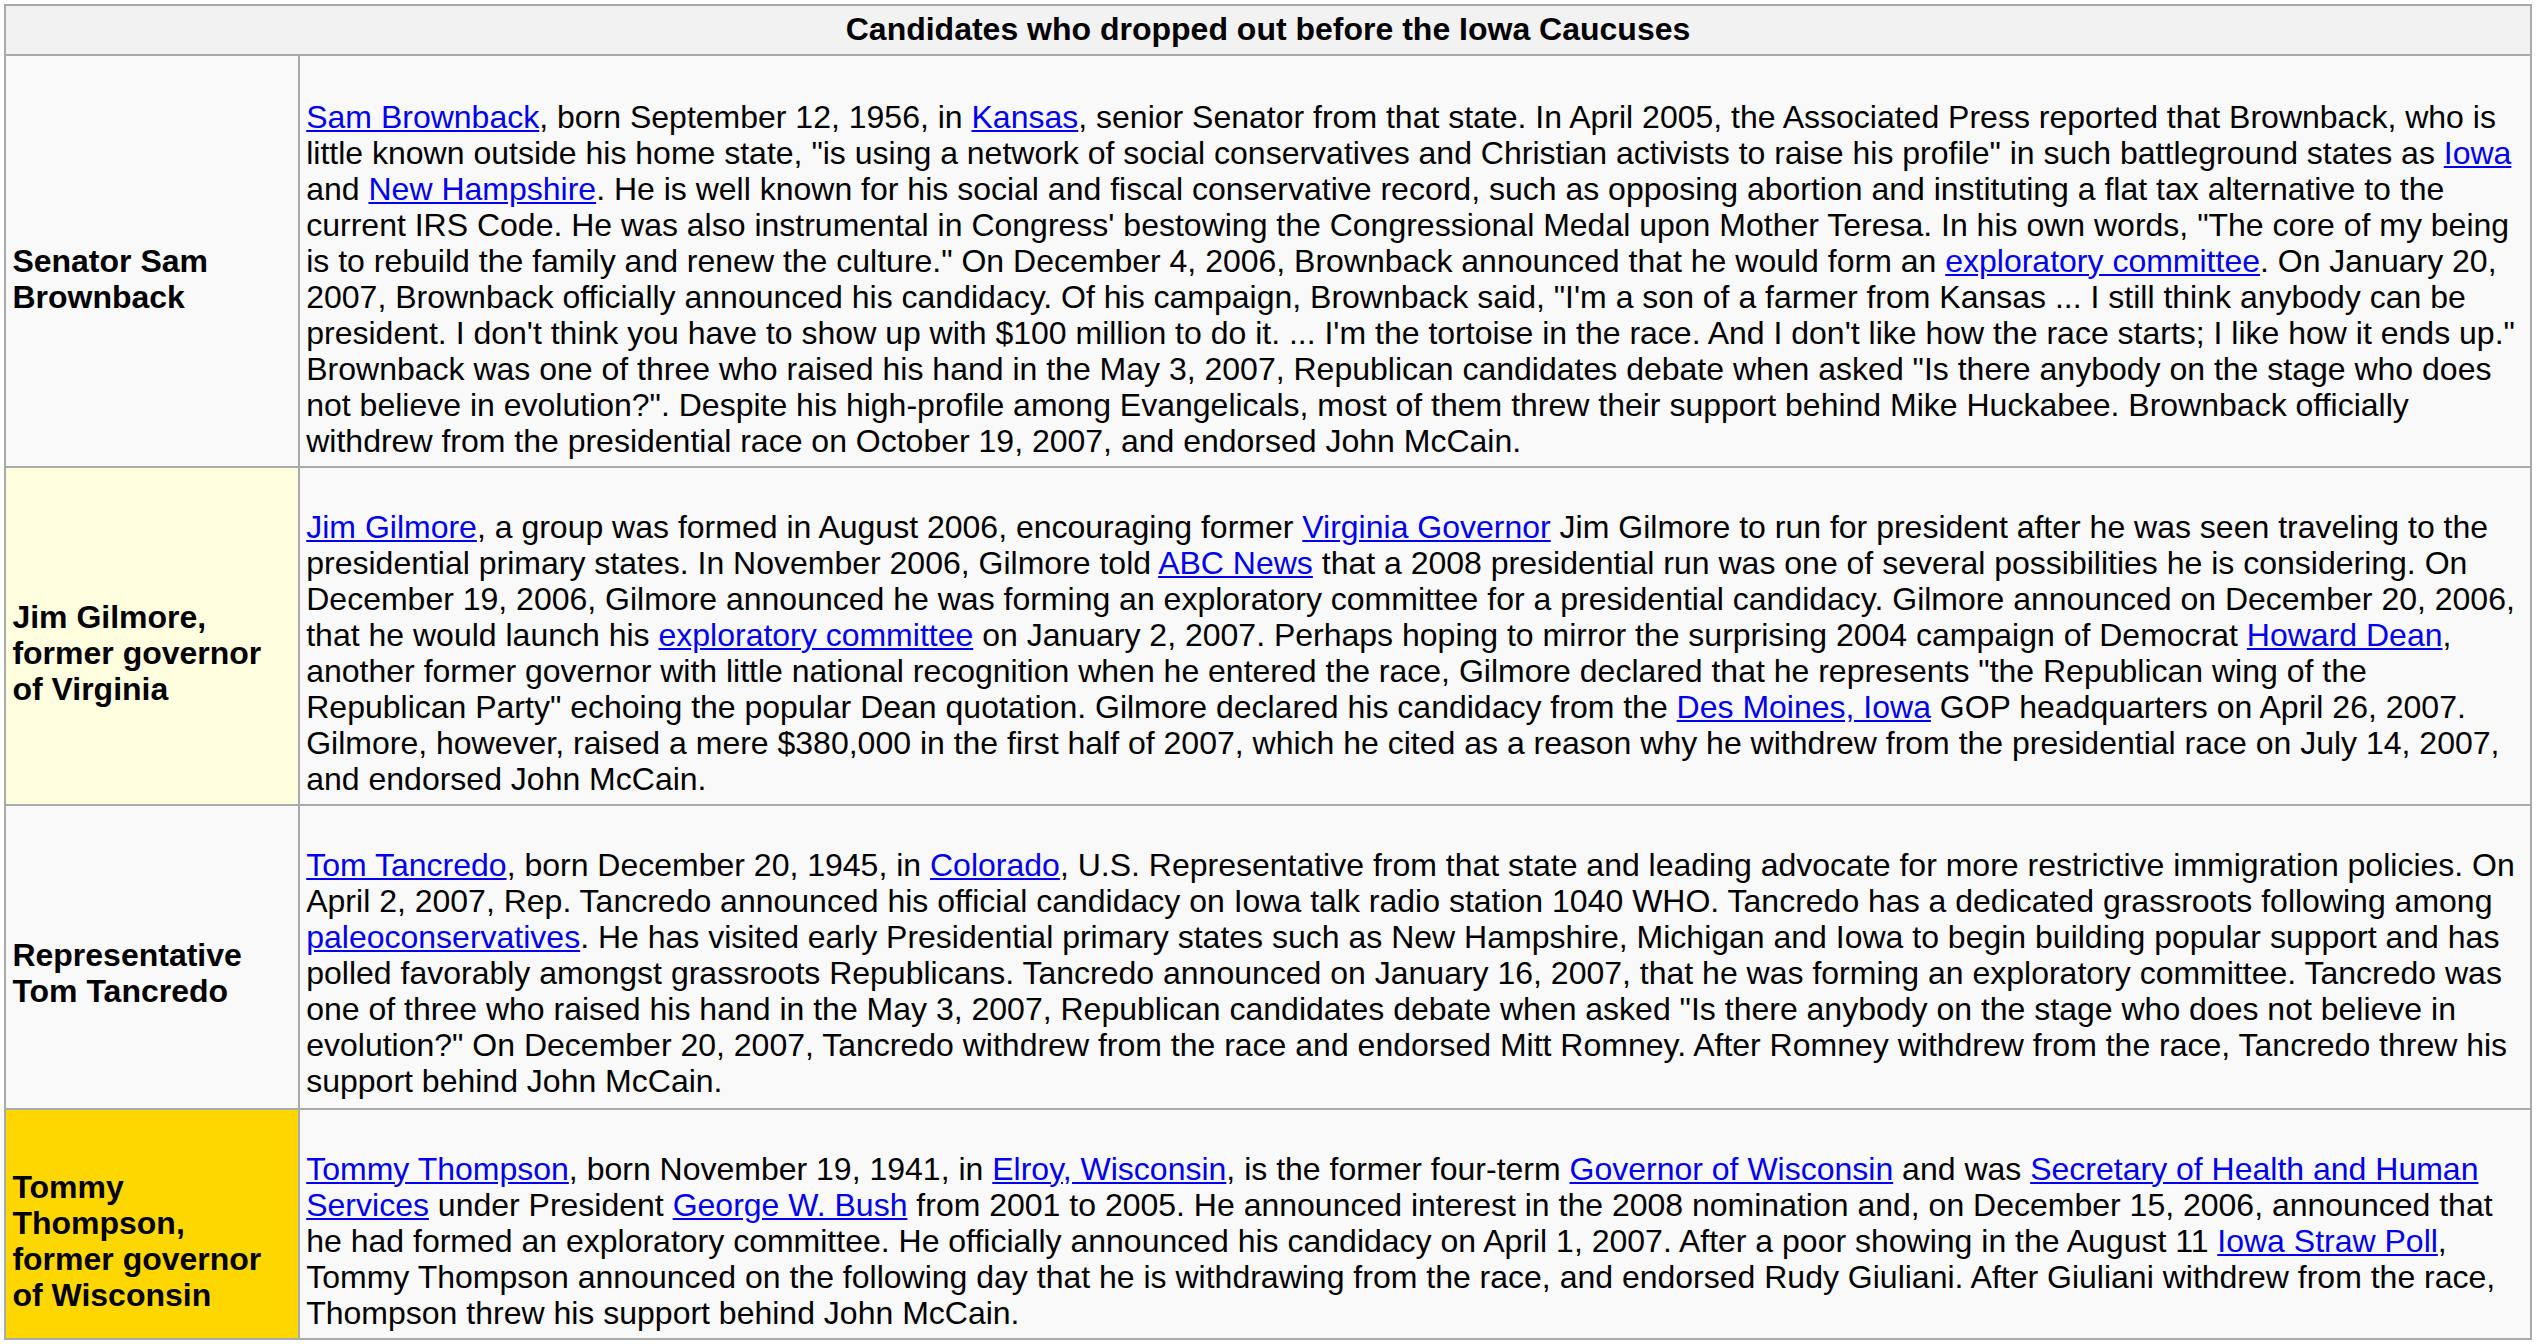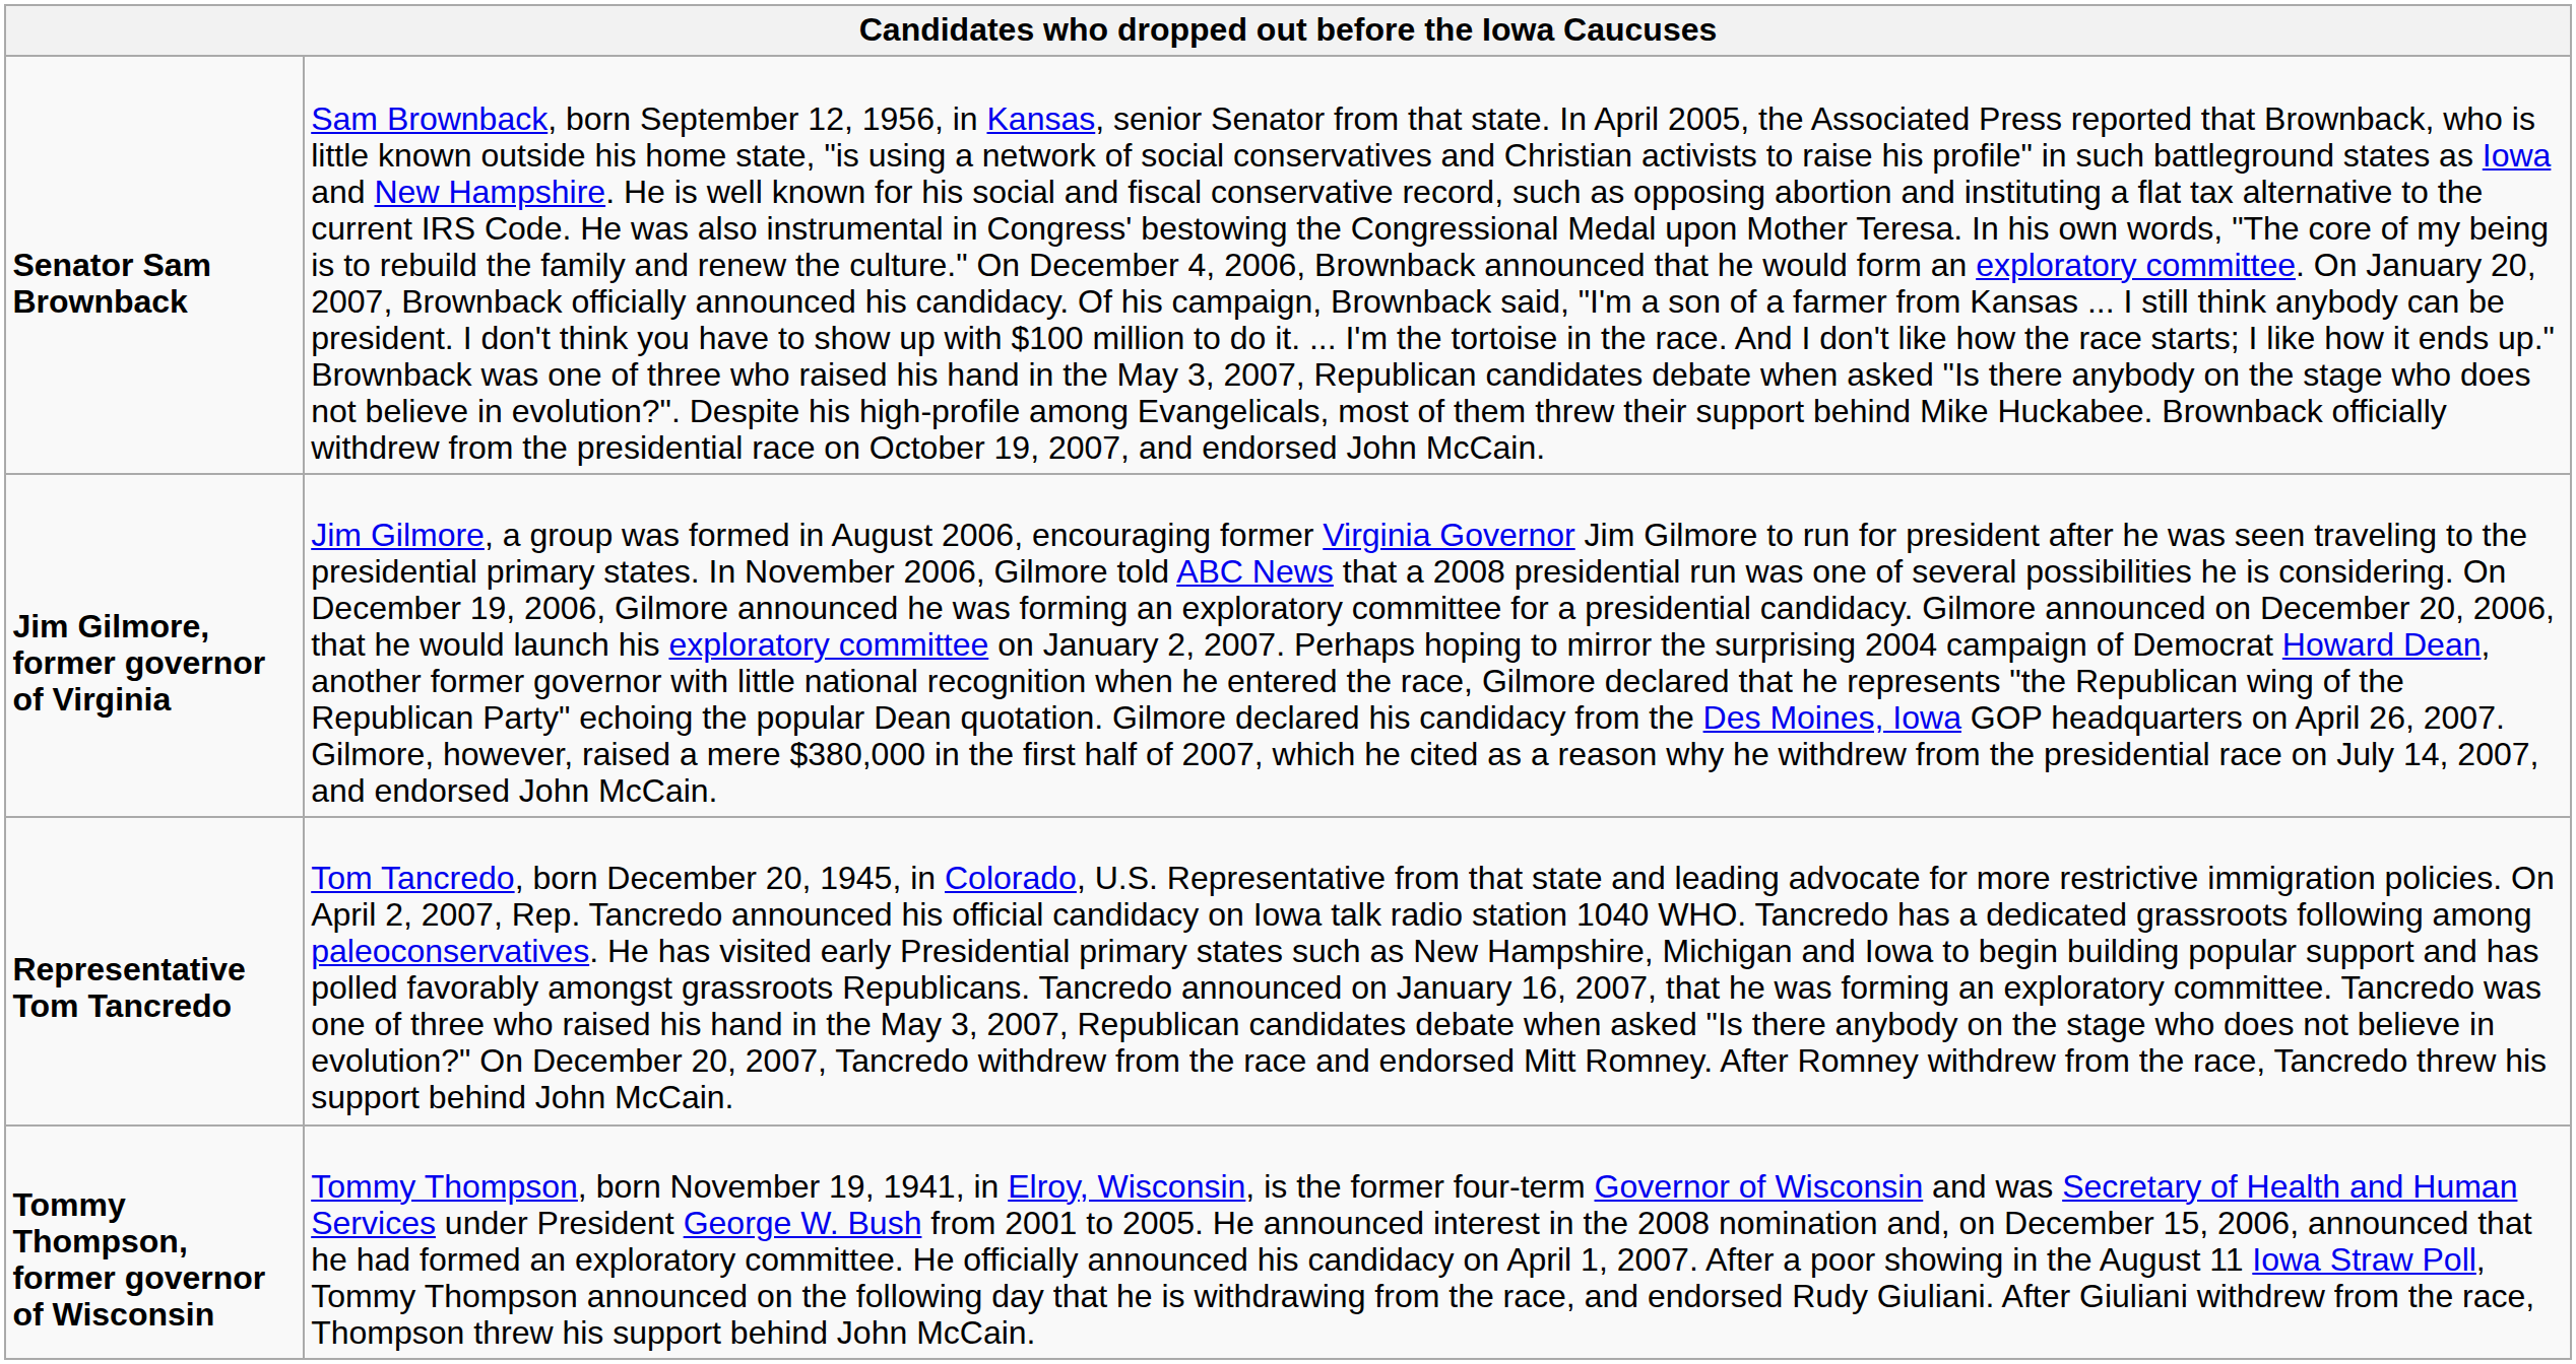 <table class="wikitable" style="margin:auto; width:100%;">
 <tr>
 <th colspan=2>Candidates who dropped out before the Iowa Caucuses</th>
 </tr>
 <tr>
 </tr>
 <tr>
 <td><br><strong>Senator Sam Brownback</strong></td>
 <td><br><a href='#'>Sam Brownback</a>, born September 12, 1956, in <a href='#'>Kansas</a>, senior Senator from that state. In April 2005, the Associated Press reported that Brownback, who is little known outside his home state, "is using a network of social conservatives and Christian activists to raise his profile" in such battleground states as <a href='#'>Iowa</a> and <a href='#'>New Hampshire</a>. He is well known for his social and fiscal conservative record, such as opposing abortion and instituting a flat tax alternative to the current IRS Code. He was also instrumental in Congress' bestowing the Congressional Medal upon Mother Teresa. In his own words, "The core of my being is to rebuild the family and renew the culture." On December 4, 2006, Brownback announced that he would form an <a href='#'>exploratory committee</a>. On January 20, 2007, Brownback officially announced his candidacy. Of his campaign, Brownback said, "I'm a son of a farmer from Kansas ... I still think anybody can be president. I don't think you have to show up with $100 million to do it. ... I'm the tortoise in the race. And I don't like how the race starts; I like how it ends up." Brownback was one of three who raised his hand in the May 3, 2007, Republican candidates debate when asked "Is there anybody on the stage who does not believe in evolution?". Despite his high-profile among Evangelicals, most of them threw their support behind Mike Huckabee. Brownback officially withdrew from the presidential race on October 19, 2007, and endorsed John McCain.</td>
 </tr>
 <tr>
-<td style="background: lightyellow;"><br><strong>Jim Gilmore, former governor of Virginia</strong></td>
+<td><br><strong>Jim Gilmore, former governor of Virginia</strong></td>
 <td><br><a href='#'>Jim Gilmore</a>, a  group was formed in August 2006, encouraging former <a href='#'>Virginia Governor</a> Jim Gilmore to run for president after he was seen traveling to the presidential primary states. In November 2006, Gilmore told <a href='#'>ABC News</a> that a 2008 presidential run was one of several possibilities he is considering. On December 19, 2006, Gilmore announced he was forming an exploratory committee for a presidential candidacy. Gilmore announced on December 20, 2006, that he would launch his <a href='#'>exploratory committee</a> on January 2, 2007. Perhaps hoping to mirror the surprising 2004 campaign of Democrat <a href='#'>Howard Dean</a>, another former governor with little national recognition when he entered the race, Gilmore declared that he represents "the Republican wing of the Republican Party" echoing the popular Dean quotation. Gilmore declared his candidacy from the <a href='#'>Des Moines, Iowa</a> GOP headquarters on April 26, 2007. Gilmore, however, raised a mere $380,000 in the first half of 2007, which he cited as a reason why he withdrew from the presidential race on July 14, 2007, and endorsed John McCain.</td>
 </tr>
 <tr>
 <td><br><strong>Representative Tom Tancredo</strong></td>
 <td><br><a href='#'>Tom Tancredo</a>, born December 20, 1945, in <a href='#'>Colorado</a>, U.S. Representative from that state and leading advocate for more restrictive immigration policies. On April 2, 2007, Rep. Tancredo announced his official candidacy on Iowa talk radio station 1040 WHO. Tancredo has a dedicated grassroots following among <a href='#'>paleoconservatives</a>. He has visited early Presidential primary states such as New Hampshire, Michigan and Iowa to begin building popular support and has polled favorably amongst grassroots Republicans. Tancredo announced on January 16, 2007, that he was forming an exploratory committee. Tancredo was one of three who raised his hand in the May 3, 2007, Republican candidates debate when asked "Is there anybody on the stage who does not believe in evolution?" On December 20, 2007, Tancredo withdrew from the race and endorsed Mitt Romney. After Romney withdrew from the race, Tancredo threw his support behind John McCain.</td>
 </tr>
 <tr>
-<td style="background: gold;"><br><strong>Tommy Thompson, former governor of Wisconsin</strong></td>
+<td><br><strong>Tommy Thompson, former governor of Wisconsin</strong></td>
 <td><br><a href='#'>Tommy Thompson</a>, born November 19, 1941, in <a href='#'>Elroy, Wisconsin</a>, is the former four-term <a href='#'>Governor of Wisconsin</a> and was <a href='#'>Secretary of Health and Human Services</a> under President <a href='#'>George W. Bush</a> from 2001 to 2005. He announced interest in the 2008 nomination and, on December 15, 2006, announced that he had formed an exploratory committee. He officially announced his candidacy on April 1, 2007. After a poor showing in the August 11 <a href='#'>Iowa Straw Poll</a>, Tommy Thompson announced on the following day that he is withdrawing from the race, and endorsed Rudy Giuliani. After Giuliani withdrew from the race, Thompson threw his support behind John McCain.</td>
 </tr>
 </table>
